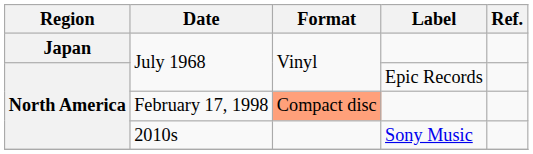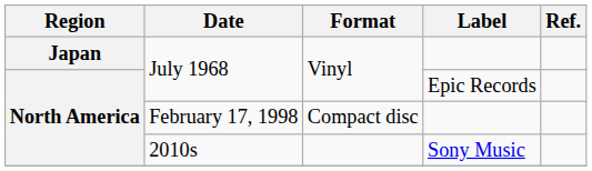 <table class="wikitable plainrowheaders">
 <tr>
 <th scope="col">Region</th>
 <th scope="col">Date</th>
 <th scope="col">Format</th>
 <th scope="col">Label</th>
 <th scope="col">Ref.</th>
 </tr>
 <tr>
 <th scope="row">Japan</th>
 <td rowspan="2">July 1968</td>
 <td rowspan="2">Vinyl</td>
 <td></td>
 <td></td>
 </tr>
 <tr>
 <th scope="row" rowspan="3">North America</th>
 <td>Epic Records</td>
 <td></td>
 </tr>
 <tr>
 <td>February 17, 1998</td>
-<td style="background: lightsalmon;">Compact disc</td>
+<td>Compact disc</td>
 <td></td>
 <td></td>
 </tr>
 <tr>
 <td>2010s</td>
 <td></td>
 <td><a href='#'>Sony Music</a></td>
 <td></td>
 </tr>
 <tr>
 </tr>
 </table>
